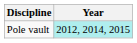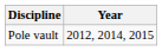 <table class="wikitable">
 <tr>
 <th>Discipline</th>
 <th>Year</th>
 </tr>
 <tr>
 <td>Pole vault</td>
-<td style="background: paleturquoise;">2012, 2014, 2015</td>
+<td>2012, 2014, 2015</td>
 </tr>
 </table>
